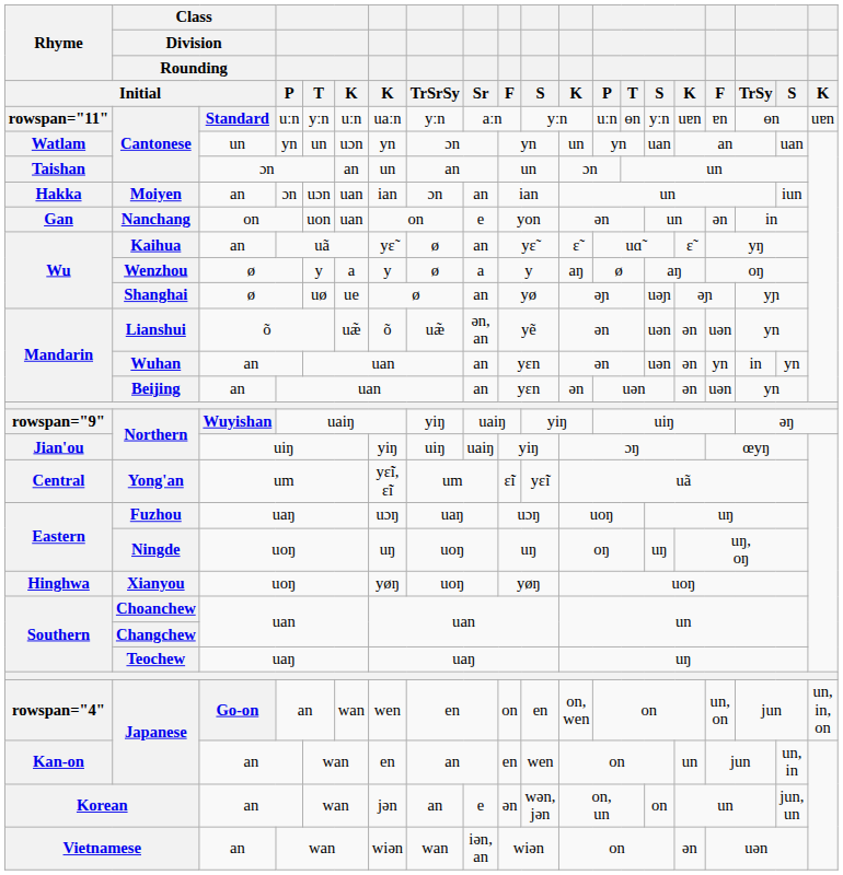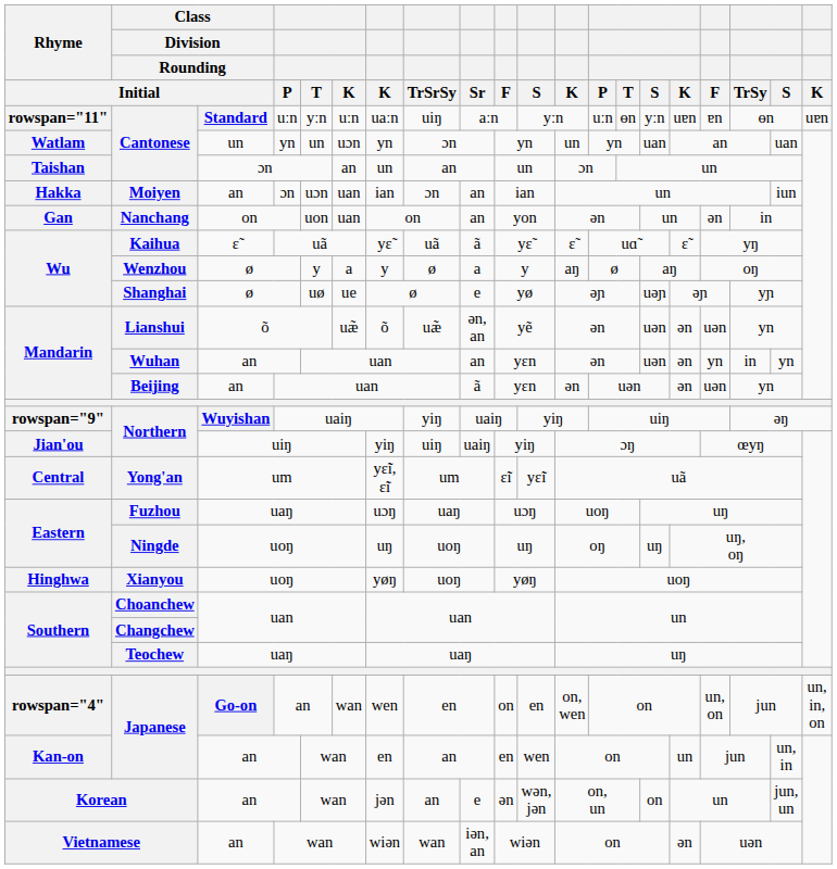 <table class="wikitable" style="text-align: center;">
 <tr>
 <th rowspan="3">Rhyme</th>
 <th colspan="2">Class</th>
 <th colspan="3"></th>
 <th></th>
 <th></th>
 <th></th>
 <th></th>
 <th></th>
 <th></th>
 <th colspan="4"></th>
 <th></th>
 <th colspan="2"></th>
 <th></th>
 </tr>
 <tr>
 <th colspan="2">Division</th>
 <th colspan="3"></th>
 <th></th>
 <th></th>
 <th></th>
 <th></th>
 <th></th>
 <th></th>
 <th colspan="4"></th>
 <th></th>
 <th colspan="2"></th>
 <th></th>
 </tr>
 <tr>
 <th colspan="2">Rounding</th>
 <th colspan="3"></th>
 <th></th>
 <th></th>
 <th></th>
 <th></th>
 <th></th>
 <th></th>
 <th colspan="4"></th>
 <th></th>
 <th colspan="2"></th>
 <th></th>
 </tr>
 <tr>
 <th colspan="3">Initial</th>
 <th>P</th>
 <th>T</th>
 <th>K</th>
 <th>K</th>
 <th>TrSrSy</th>
 <th>Sr</th>
 <th>F</th>
 <th>S</th>
 <th>K</th>
 <th>P</th>
 <th>T</th>
 <th>S</th>
 <th>K</th>
 <th>F</th>
 <th>TrSy</th>
 <th>S</th>
 <th>K</th>
 </tr>
 <tr>
 <th>rowspan="11" </th>
 <th rowspan="3"><a href='#'>Cantonese</a></th>
 <th><a href='#'>Standard</a></th>
 <td>uːn</td>
 <td>yːn</td>
 <td>uːn</td>
 <td>uaːn</td>
-<td>yːn</td>
+<td>uiŋ</td>
 <td colspan="2">aːn</td>
 <td colspan="2">yːn</td>
 <td>uːn</td>
 <td>ɵn</td>
 <td>yːn</td>
 <td>uɐn</td>
 <td>ɐn</td>
 <td colspan="2">ɵn</td>
 <td>uɐn</td>
 </tr>
 <tr>
 <th><a href='#'>Watlam</a></th>
 <td>un</td>
 <td>yn</td>
 <td>un</td>
 <td>uɔn</td>
 <td>yn</td>
 <td colspan="2">ɔn</td>
 <td colspan="2">yn</td>
 <td>un</td>
 <td colspan="2">yn</td>
 <td>uan</td>
 <td colspan="3">an</td>
 <td>uan</td>
 </tr>
 <tr>
 <th><a href='#'>Taishan</a></th>
 <td colspan="3">ɔn</td>
 <td>an</td>
 <td>un</td>
 <td colspan="2">an</td>
 <td colspan="2">un</td>
 <td colspan="2">ɔn</td>
 <td colspan="6">un</td>
 </tr>
 <tr>
 <th><a href='#'>Hakka</a></th>
 <th><a href='#'>Moiyen</a></th>
 <td>an</td>
 <td>ɔn</td>
 <td>uɔn</td>
 <td>uan</td>
 <td>ian</td>
 <td>ɔn</td>
 <td>an</td>
 <td colspan="2">ian</td>
 <td colspan="7">un</td>
 <td>iun</td>
 </tr>
 <tr>
 <th><a href='#'>Gan</a></th>
 <th><a href='#'>Nanchang</a></th>
 <td colspan="2">on</td>
 <td>uon</td>
 <td>uan</td>
 <td colspan="2">on</td>
-<td>e</td>
+<td>an</td>
 <td colspan="2">yon</td>
 <td colspan="3">ən</td>
 <td colspan="2">un</td>
 <td>ən</td>
 <td colspan="2">in</td>
 </tr>
 <tr>
 <th rowspan="3"><a href='#'>Wu</a></th>
 <th><a href='#'>Kaihua</a></th>
-<td>an</td>
+<td>ɛ̃</td>
 <td colspan="3">uã</td>
 <td>yɛ̃</td>
-<td>ø</td>
-<td>an</td>
+<td>uã</td>
+<td>ã</td>
 <td colspan="2">yɛ̃</td>
 <td>ɛ̃</td>
 <td colspan="3">uɑ̃</td>
 <td>ɛ̃</td>
 <td colspan="3">yŋ</td>
 </tr>
 <tr>
 <th><a href='#'>Wenzhou</a></th>
 <td colspan="2">ø</td>
 <td>y</td>
 <td>a</td>
 <td>y</td>
 <td>ø</td>
 <td>a</td>
 <td colspan="2">y</td>
 <td>aŋ</td>
 <td colspan="2">ø</td>
 <td colspan="2">aŋ</td>
 <td colspan="3">oŋ</td>
 </tr>
 <tr>
 <th><a href='#'>Shanghai</a></th>
 <td colspan="2">ø</td>
 <td>uø</td>
 <td>ue</td>
 <td colspan="2">ø</td>
-<td>an</td>
+<td>e</td>
 <td colspan="2">yø</td>
 <td colspan="3">əɲ</td>
 <td>uəɲ</td>
 <td colspan="2">əɲ</td>
 <td colspan="2">yɲ</td>
 </tr>
 <tr>
 <th rowspan="3"><a href='#'>Mandarin</a></th>
 <th><a href='#'>Lianshui</a></th>
 <td colspan="3">õ</td>
 <td>uæ̃</td>
 <td>õ</td>
 <td>uæ̃</td>
 <td>ən,<br>an</td>
 <td colspan="2">yẽ</td>
 <td colspan="3">ən</td>
 <td>uən</td>
 <td>ən</td>
 <td>uən</td>
 <td colspan="2">yn</td>
 </tr>
 <tr>
 <th><a href='#'>Wuhan</a></th>
 <td colspan="2">an</td>
 <td colspan="4">uan</td>
 <td>an</td>
 <td colspan="2">yɛn</td>
 <td colspan="3">ən</td>
 <td>uən</td>
 <td>ən</td>
 <td>yn</td>
 <td>in</td>
 <td>yn</td>
 </tr>
 <tr>
 <th><a href='#'>Beijing</a></th>
 <td>an</td>
 <td colspan="5">uan</td>
-<td>an</td>
+<td>ã</td>
 <td colspan="2">yɛn</td>
 <td>ən</td>
 <td colspan="3">uən</td>
 <td>ən</td>
 <td>uən</td>
 <td colspan="2">yn</td>
 </tr>
 <tr>
 <th colspan="20"></th>
 </tr>
 <tr>
 <th>rowspan="9" </th>
 <th rowspan="2"><a href='#'>Northern</a></th>
 <th><a href='#'>Wuyishan</a></th>
 <td colspan="4">uaiŋ</td>
 <td>yiŋ</td>
 <td colspan="2">uaiŋ</td>
 <td colspan="2">yiŋ</td>
 <td colspan="5">uiŋ</td>
 <td colspan="3">əŋ</td>
 </tr>
 <tr>
 <th><a href='#'>Jian'ou</a></th>
 <td colspan="4">uiŋ</td>
 <td>yiŋ</td>
 <td>uiŋ</td>
 <td>uaiŋ</td>
 <td colspan="2">yiŋ</td>
 <td colspan="5">ɔŋ</td>
 <td colspan="3">œyŋ</td>
 </tr>
 <tr>
 <th><a href='#'>Central</a></th>
 <th><a href='#'>Yong'an</a></th>
 <td colspan="4">um</td>
 <td>yɛ̃i,<br>ɛ̃i</td>
 <td colspan="2">um</td>
 <td>ɛ̃i</td>
 <td>yɛ̃i</td>
 <td colspan="8">uã</td>
 </tr>
 <tr>
 <th rowspan="2"><a href='#'>Eastern</a></th>
 <th><a href='#'>Fuzhou</a></th>
 <td colspan="4">uaŋ</td>
 <td>uɔŋ</td>
 <td colspan="2">uaŋ</td>
 <td colspan="2">uɔŋ</td>
 <td colspan="3">uoŋ</td>
 <td colspan="5">uŋ</td>
 </tr>
 <tr>
 <th><a href='#'>Ningde</a></th>
 <td colspan="4">uoŋ</td>
 <td>uŋ</td>
 <td colspan="2">uoŋ</td>
 <td colspan="2">uŋ</td>
 <td colspan="3">oŋ</td>
 <td>uŋ</td>
 <td colspan="4">uŋ,<br>oŋ</td>
 </tr>
 <tr>
 <th><a href='#'>Hinghwa</a></th>
 <th><a href='#'>Xianyou</a></th>
 <td colspan="4">uoŋ</td>
 <td>yøŋ</td>
 <td colspan="2">uoŋ</td>
 <td colspan="2">yøŋ</td>
 <td colspan="8">uoŋ</td>
 </tr>
 <tr>
 <th rowspan="3"><a href='#'>Southern</a></th>
 <th><a href='#'>Choanchew</a></th>
 <td colspan="4" rowspan="2">uan</td>
 <td colspan="5" rowspan="2">uan</td>
 <td colspan="8" rowspan="2">un</td>
 </tr>
 <tr>
 <th><a href='#'>Changchew</a></th>
 </tr>
 <tr>
 <th><a href='#'>Teochew</a></th>
 <td colspan="4">uaŋ</td>
 <td colspan="5">uaŋ</td>
 <td colspan="8">uŋ</td>
 </tr>
 <tr>
 <th colspan="20"></th>
 </tr>
 <tr>
 <th>rowspan="4" </th>
 <th rowspan="2"><a href='#'>Japanese</a></th>
 <th><a href='#'>Go-on</a></th>
 <td colspan="2">an</td>
 <td>wan</td>
 <td>wen</td>
 <td colspan="2">en</td>
 <td>on</td>
 <td>en</td>
 <td>on,<br>wen</td>
 <td colspan="4">on</td>
 <td>un,<br>on</td>
 <td colspan="2">jun</td>
 <td>un,<br>in,<br>on</td>
 </tr>
 <tr>
 <th><a href='#'>Kan-on</a></th>
 <td colspan="2">an</td>
 <td colspan="2">wan</td>
 <td>en</td>
 <td colspan="2">an</td>
 <td>en</td>
 <td>wen</td>
 <td colspan="4">on</td>
 <td>un</td>
 <td colspan="2">jun</td>
 <td>un,<br>in</td>
 </tr>
 <tr>
 <th colspan="2"><a href='#'>Korean</a></th>
 <td colspan="2">an</td>
 <td colspan="2">wan</td>
 <td>jən</td>
 <td>an</td>
 <td>e</td>
 <td>ən</td>
 <td>wən,<br>jən</td>
 <td colspan="3">on,<br>un</td>
 <td>on</td>
 <td colspan="3">un</td>
 <td>jun,<br>un</td>
 </tr>
 <tr>
 <th colspan="2"><a href='#'>Vietnamese</a></th>
 <td>an</td>
 <td colspan="3">wan</td>
 <td>wiən</td>
 <td>wan</td>
 <td>iən,<br>an</td>
 <td colspan="2">wiən</td>
 <td colspan="4">on</td>
 <td>ən</td>
 <td colspan="3">uən</td>
 </tr>
 </table>
